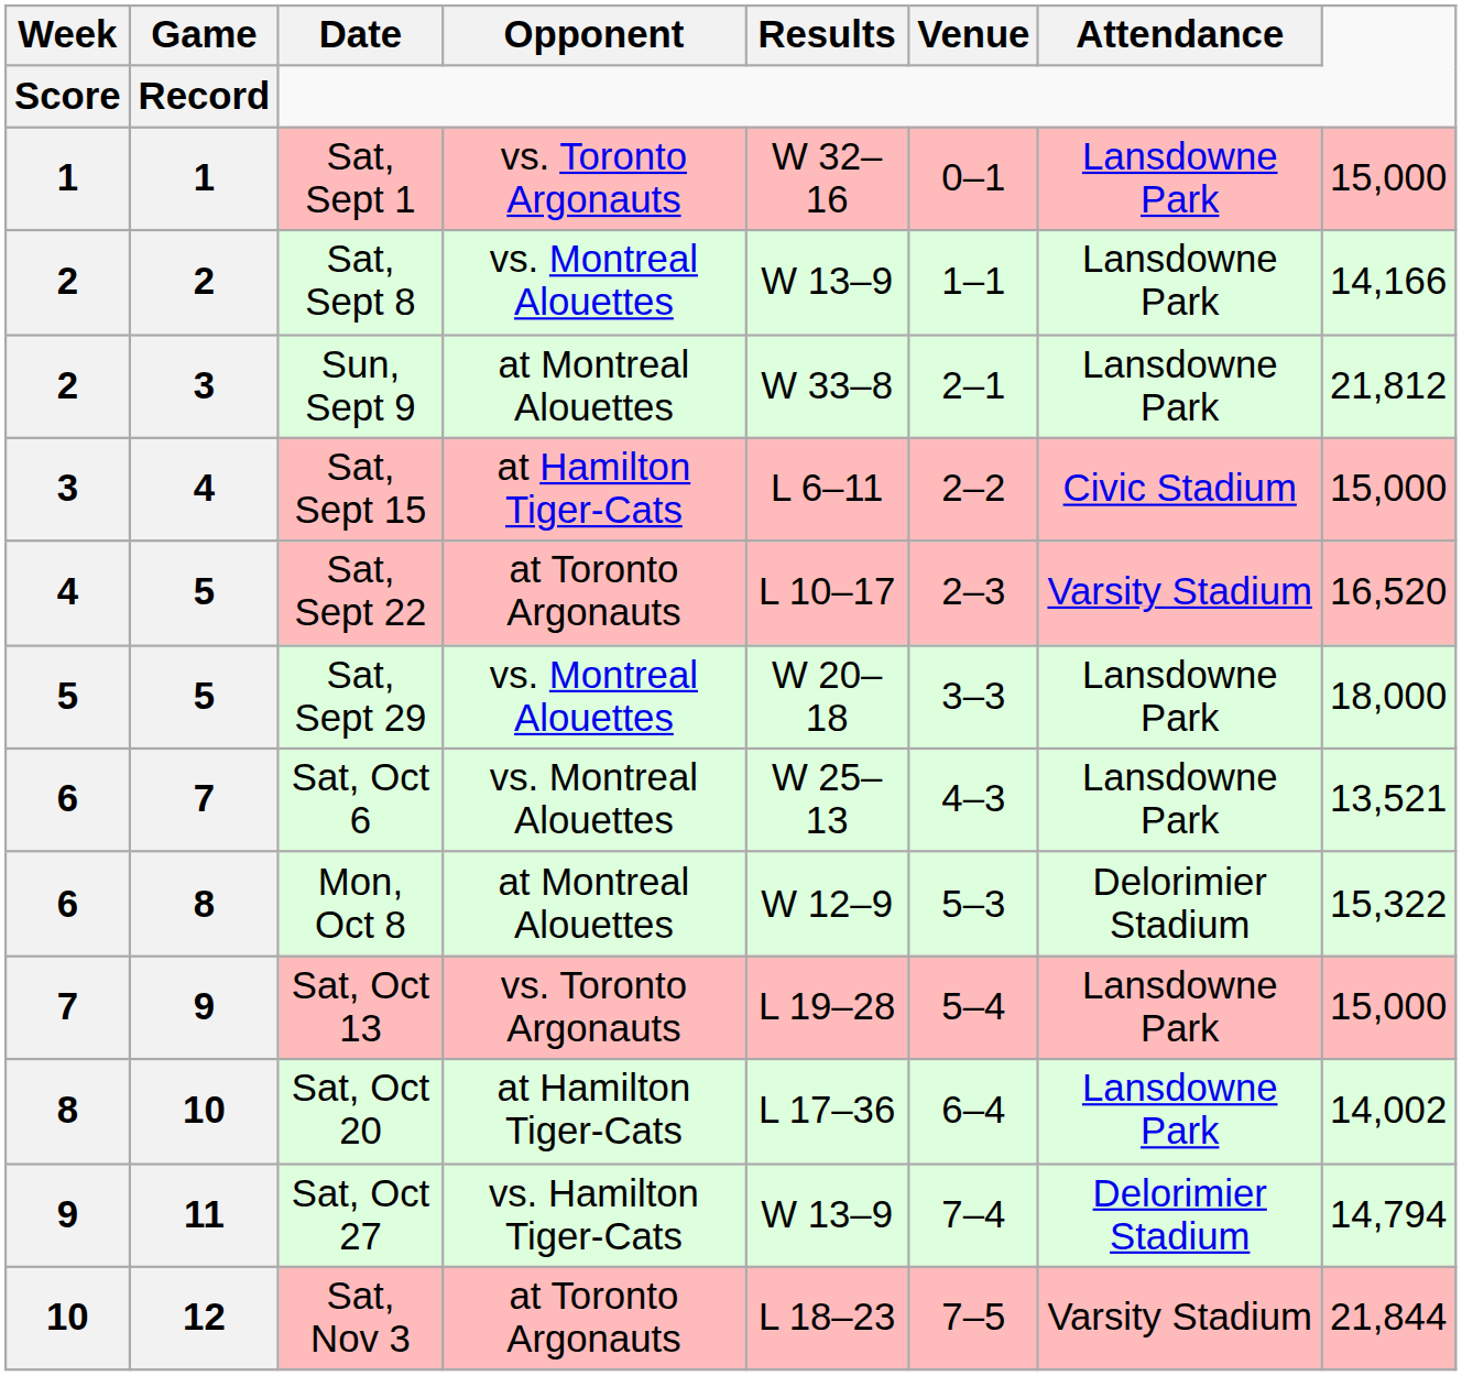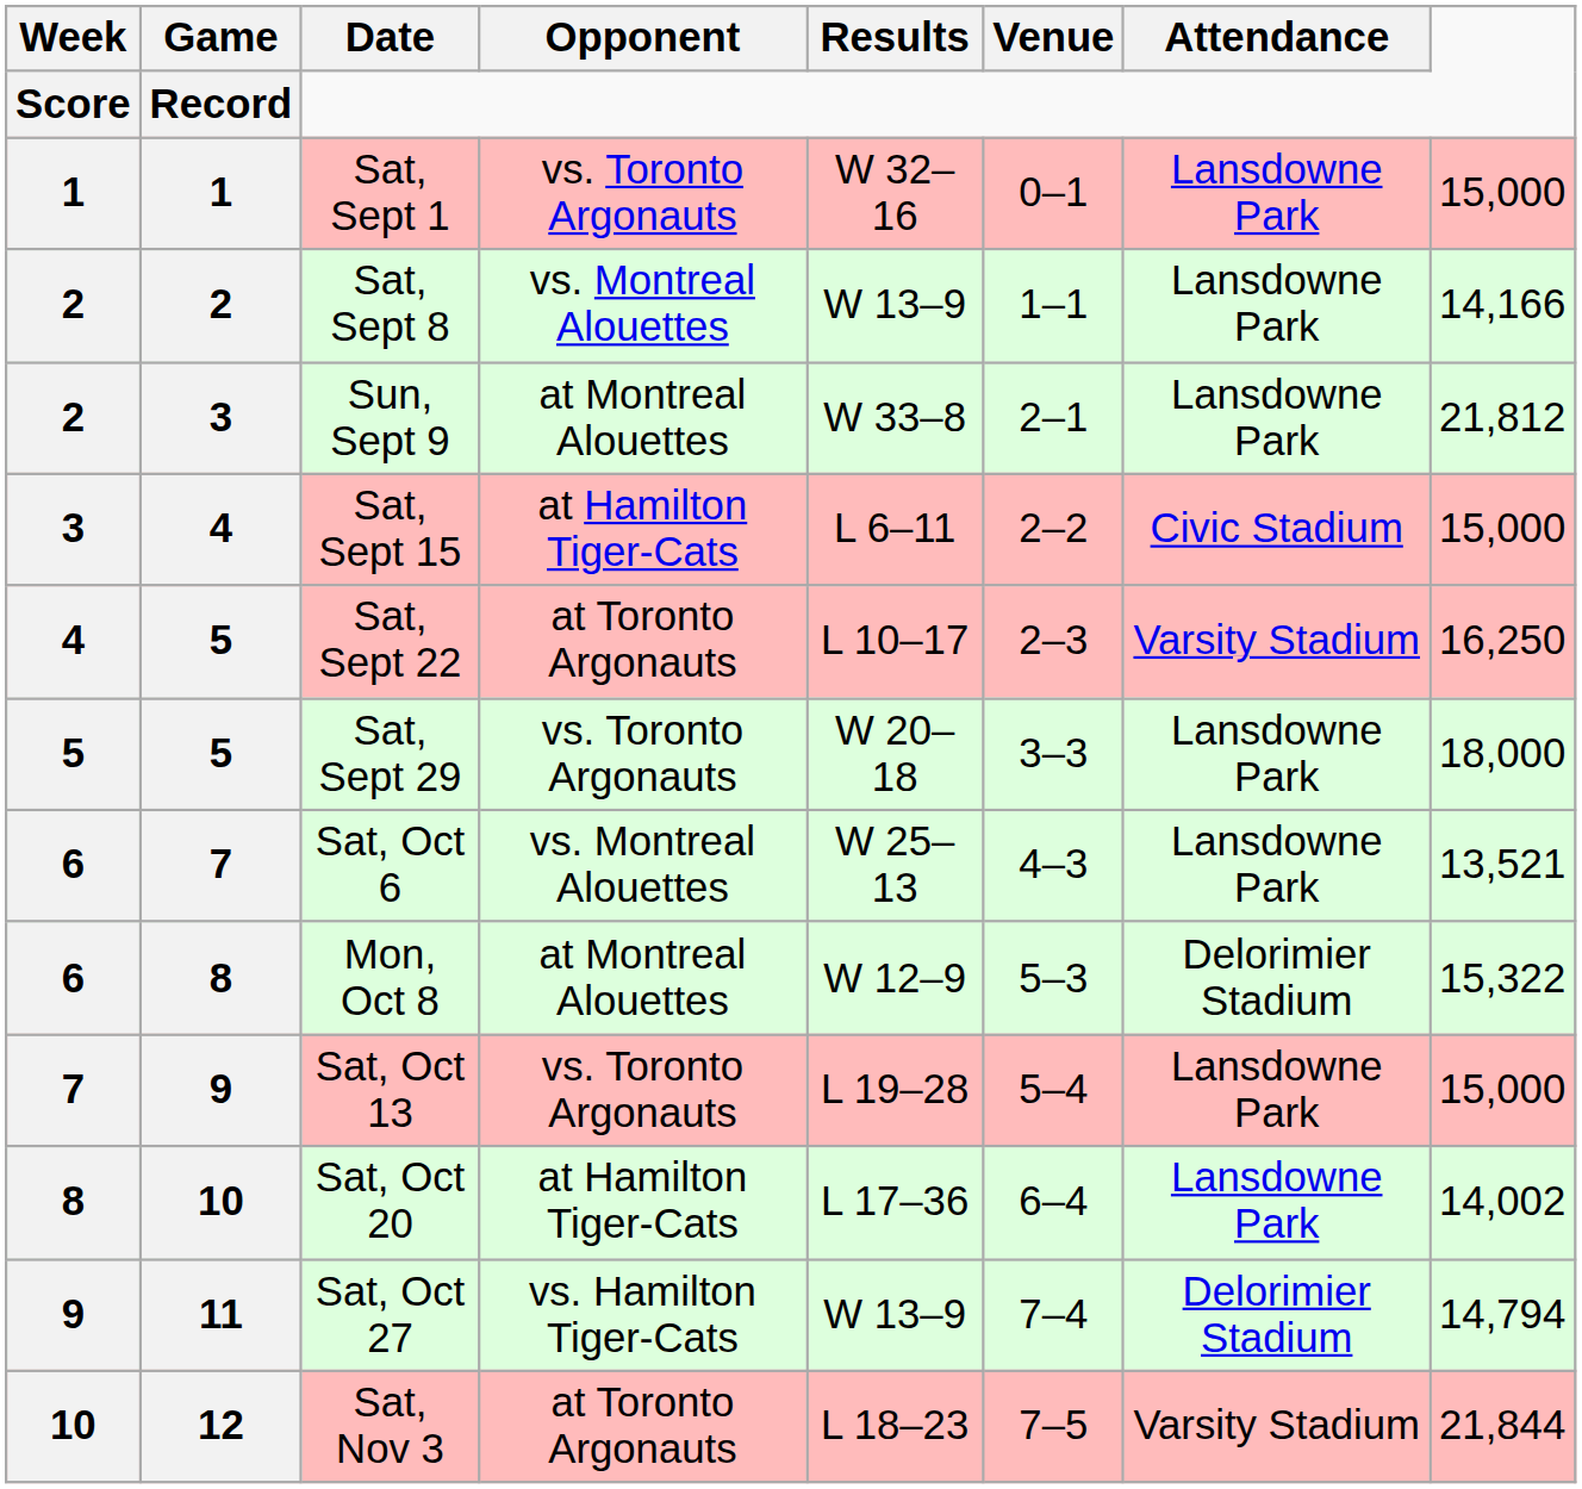 <table class="wikitable" style="text-align:center">
 <tr>
 <th>Week</th>
 <th>Game</th>
 <th>Date</th>
 <th>Opponent</th>
 <th>Results</th>
 <th>Venue</th>
 <th>Attendance</th>
 </tr>
 <tr>
 <th>Score</th>
 <th>Record</th>
 </tr>
 <tr style="background:#ffbbbb">
 <th>1</th>
 <th>1</th>
 <td>Sat, Sept 1</td>
 <td>vs. <a href='#'>Toronto Argonauts</a></td>
 <td>W 32–16</td>
 <td>0–1</td>
 <td><a href='#'>Lansdowne Park</a></td>
 <td>15,000</td>
 </tr>
 <tr style="background:#ddffdd">
 <th>2</th>
 <th>2</th>
 <td>Sat, Sept 8</td>
 <td>vs. <a href='#'>Montreal Alouettes</a></td>
 <td>W 13–9</td>
 <td>1–1</td>
 <td>Lansdowne Park</td>
 <td>14,166</td>
 </tr>
 <tr style="background:#ddffdd">
 <th>2</th>
 <th>3</th>
 <td>Sun, Sept 9</td>
 <td>at Montreal Alouettes</td>
 <td>W 33–8</td>
 <td>2–1</td>
 <td>Lansdowne Park</td>
 <td>21,812</td>
 </tr>
 <tr style="background:#ffbbbb">
 <th>3</th>
 <th>4</th>
 <td>Sat, Sept 15</td>
 <td>at <a href='#'>Hamilton Tiger-Cats</a></td>
 <td>L 6–11</td>
 <td>2–2</td>
 <td><a href='#'>Civic Stadium</a></td>
 <td>15,000</td>
 </tr>
 <tr style="background:#ffbbbb">
 <th>4</th>
 <th>5</th>
 <td>Sat, Sept 22</td>
 <td>at Toronto Argonauts</td>
 <td>L 10–17</td>
 <td>2–3</td>
 <td><a href='#'>Varsity Stadium</a></td>
-<td>16,520</td>
+<td>16,250</td>
 </tr>
 <tr style="background:#ddffdd">
 <th>5</th>
 <th>5</th>
 <td>Sat, Sept 29</td>
-<td>vs. <a href='#'>Montreal Alouettes</a></td>
+<td>vs. Toronto Argonauts</td>
 <td>W 20–18</td>
 <td>3–3</td>
 <td>Lansdowne Park</td>
 <td>18,000</td>
 </tr>
 <tr style="background:#ddffdd">
 <th>6</th>
 <th>7</th>
 <td>Sat, Oct 6</td>
 <td>vs. Montreal Alouettes</td>
 <td>W 25–13</td>
 <td>4–3</td>
 <td>Lansdowne Park</td>
 <td>13,521</td>
 </tr>
 <tr style="background:#ddffdd">
 <th>6</th>
 <th>8</th>
 <td>Mon, Oct 8</td>
 <td>at Montreal Alouettes</td>
 <td>W 12–9</td>
 <td>5–3</td>
 <td>Delorimier Stadium</td>
 <td>15,322</td>
 </tr>
 <tr style="background:#ffbbbb">
 <th>7</th>
 <th>9</th>
 <td>Sat, Oct 13</td>
 <td>vs. Toronto Argonauts</td>
 <td>L 19–28</td>
 <td>5–4</td>
 <td>Lansdowne Park</td>
 <td>15,000</td>
 </tr>
 <tr style="background:#ddffdd">
 <th>8</th>
 <th>10</th>
 <td>Sat, Oct 20</td>
 <td>at Hamilton Tiger-Cats</td>
 <td>L 17–36</td>
 <td>6–4</td>
 <td><a href='#'>Lansdowne Park</a></td>
 <td>14,002</td>
 </tr>
 <tr style="background:#ddffdd">
 <th>9</th>
 <th>11</th>
 <td>Sat, Oct 27</td>
 <td>vs. Hamilton Tiger-Cats</td>
 <td>W 13–9</td>
 <td>7–4</td>
 <td><a href='#'>Delorimier Stadium</a></td>
 <td>14,794</td>
 </tr>
 <tr style="background:#ffbbbb">
 <th>10</th>
 <th>12</th>
 <td>Sat, Nov 3</td>
 <td>at Toronto Argonauts</td>
 <td>L 18–23</td>
 <td>7–5</td>
 <td>Varsity Stadium</td>
 <td>21,844</td>
 </tr>
 </table>
